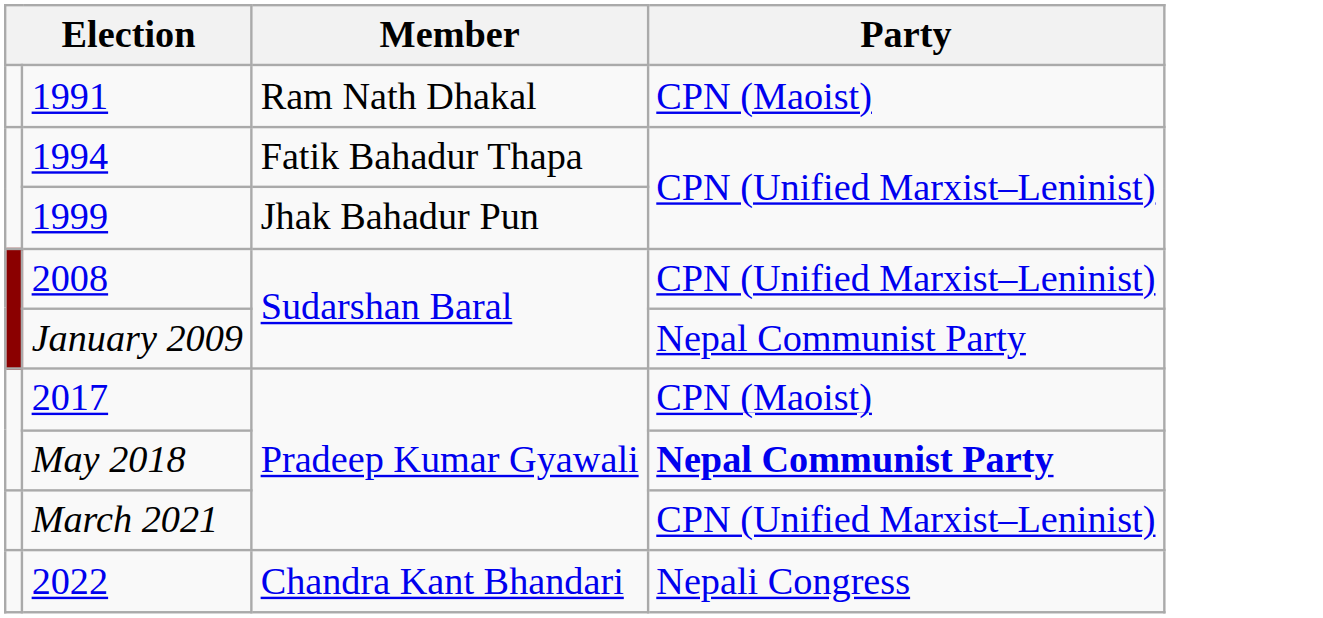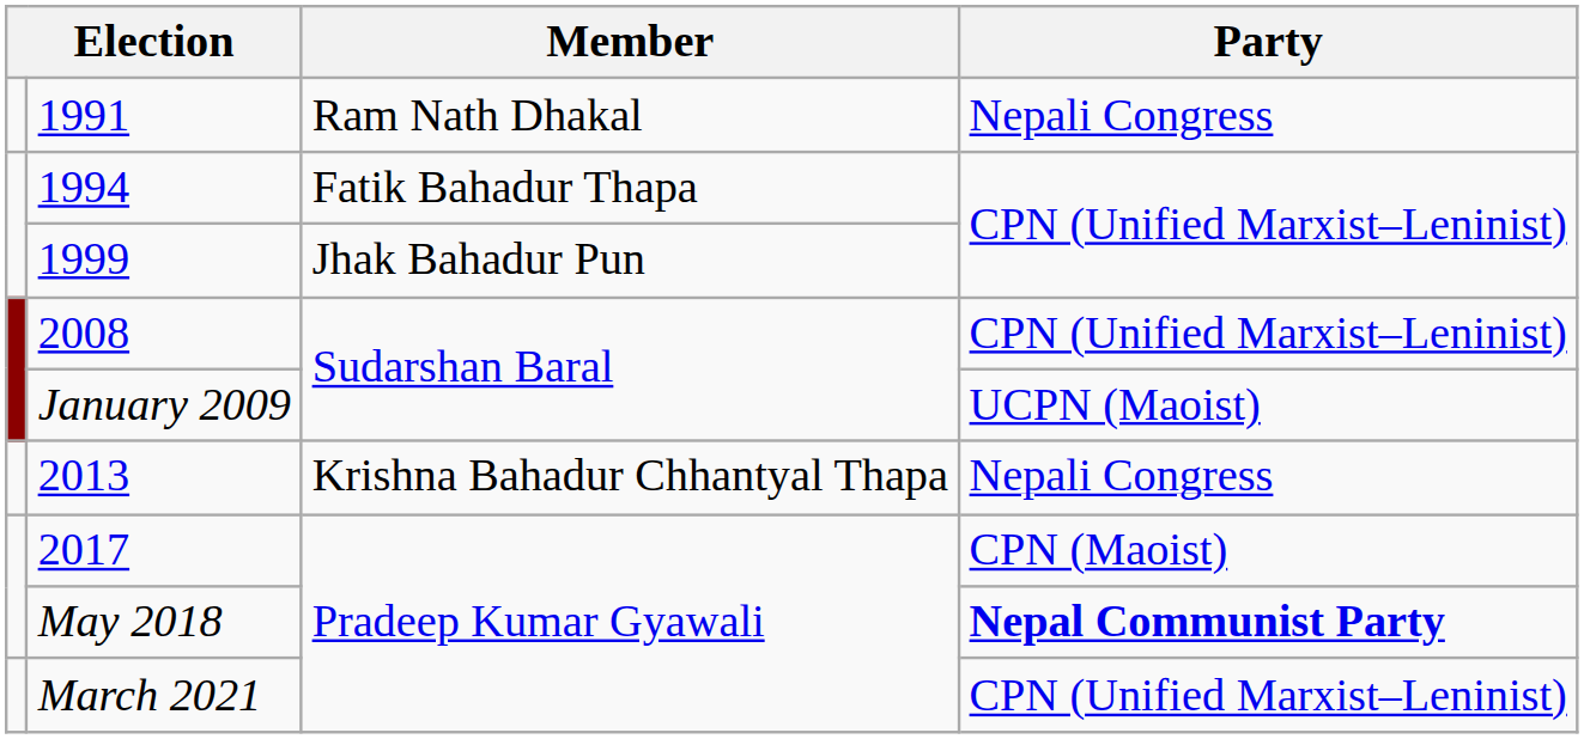 <table class="wikitable">
 <tr>
 <th colspan="2">Election</th>
 <th>Member</th>
 <th>Party</th>
 </tr>
 <tr>
 <td style="background-color:"></td>
 <td><a href='#'>1991</a></td>
 <td>Ram Nath Dhakal</td>
-<td><a href='#'>CPN (Maoist)</a></td>
+<td><a href='#'>Nepali Congress</a></td>
 </tr>
 <tr>
 <td rowspan="2" style="background-color:"></td>
 <td><a href='#'>1994</a></td>
 <td>Fatik Bahadur Thapa</td>
 <td rowspan="2"><a href='#'>CPN (Unified Marxist–Leninist)</a></td>
 </tr>
 <tr>
 <td><a href='#'>1999</a></td>
 <td>Jhak Bahadur Pun</td>
 </tr>
 <tr>
 <td rowspan="2" style="background-color:darkred"></td>
 <td><a href='#'>2008</a></td>
 <td rowspan="2"><a href='#'>Sudarshan Baral</a></td>
 <td><a href='#'>CPN (Unified Marxist–Leninist)</a></td>
 </tr>
 <tr>
 <td><em>January 2009</em></td>
-<td><a href='#'>Nepal Communist Party</a></td>
+<td><a href='#'>UCPN (Maoist)</a></td>
+</tr>
+<tr>
+<td style="background-color:"></td>
+<td><a href='#'>2013</a></td>
+<td>Krishna Bahadur Chhantyal Thapa</td>
+<td><a href='#'>Nepali Congress</a></td>
 </tr>
 <tr>
 <td rowspan="2" style="background-color:"></td>
 <td><a href='#'>2017</a></td>
 <td rowspan="3"><a href='#'>Pradeep Kumar Gyawali</a></td>
 <td><a href='#'>CPN (Maoist)</a></td>
 </tr>
 <tr>
 <td><em>May 2018</em></td>
 <td><strong><a href='#'>Nepal Communist Party</a></strong></td>
 </tr>
 <tr>
 <td></td>
 <td><em>March 2021</em></td>
 <td><a href='#'>CPN (Unified Marxist–Leninist)</a></td>
 </tr>
-<tr>
-<td style="background-color:"></td>
-<td><a href='#'>2022</a></td>
-<td><a href='#'>Chandra Kant Bhandari</a></td>
-<td><a href='#'>Nepali Congress</a></td>
-</tr>
 </table>
